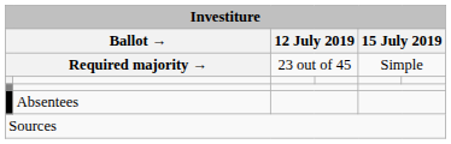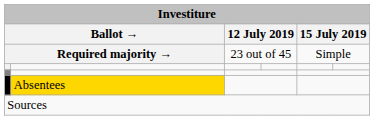 <table class="wikitable" style="text-align:center;">
 <tr bgcolor="#E9E9E9">
 <td colspan="6" align="center" bgcolor="#C0C0C0"><strong>Investiture</strong></td>
 </tr>
 <tr>
 <th colspan="2" width="275px">Ballot →</th>
 <th colspan="2">12 July 2019</th>
 <th colspan="2">15 July 2019</th>
 </tr>
 <tr>
 <th colspan="2">Required majority →</th>
 <td colspan="2">23 out of 45</td>
 <td colspan="2">Simple</td>
 </tr>
 <tr>
 <th width="1px" style="background:"></th>
 <td align="left"></td>
 <td></td>
 <td></td>
 <td></td>
 <td></td>
 </tr>
 <tr>
 <th style="color:inherit;background:gray;"></th>
 <td align="left"></td>
 <td colspan="2"></td>
 <td colspan="2"></td>
 </tr>
 <tr>
 <th style="color:inherit;background:black;"></th>
-<td align="left"><span>Absentees</span></td>
+<td align="left" style="background: gold;"><span>Absentees</span></td>
 <td colspan="2"></td>
 <td colspan="2"></td>
 </tr>
 <tr>
 <td align="left" colspan="6">Sources</td>
 </tr>
 </table>
